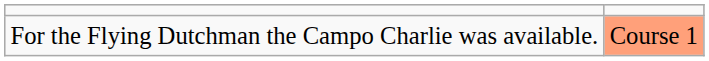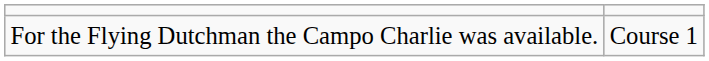 <table class="wikitable" style="text-align:center;">
 <tr>
 <td></td>
 <td></td>
 </tr>
 <tr>
 <td>For the Flying Dutchman the Campo Charlie was available.</td>
-<td style="background: lightsalmon;">Course 1</td>
+<td>Course 1</td>
 </tr>
 </table>
